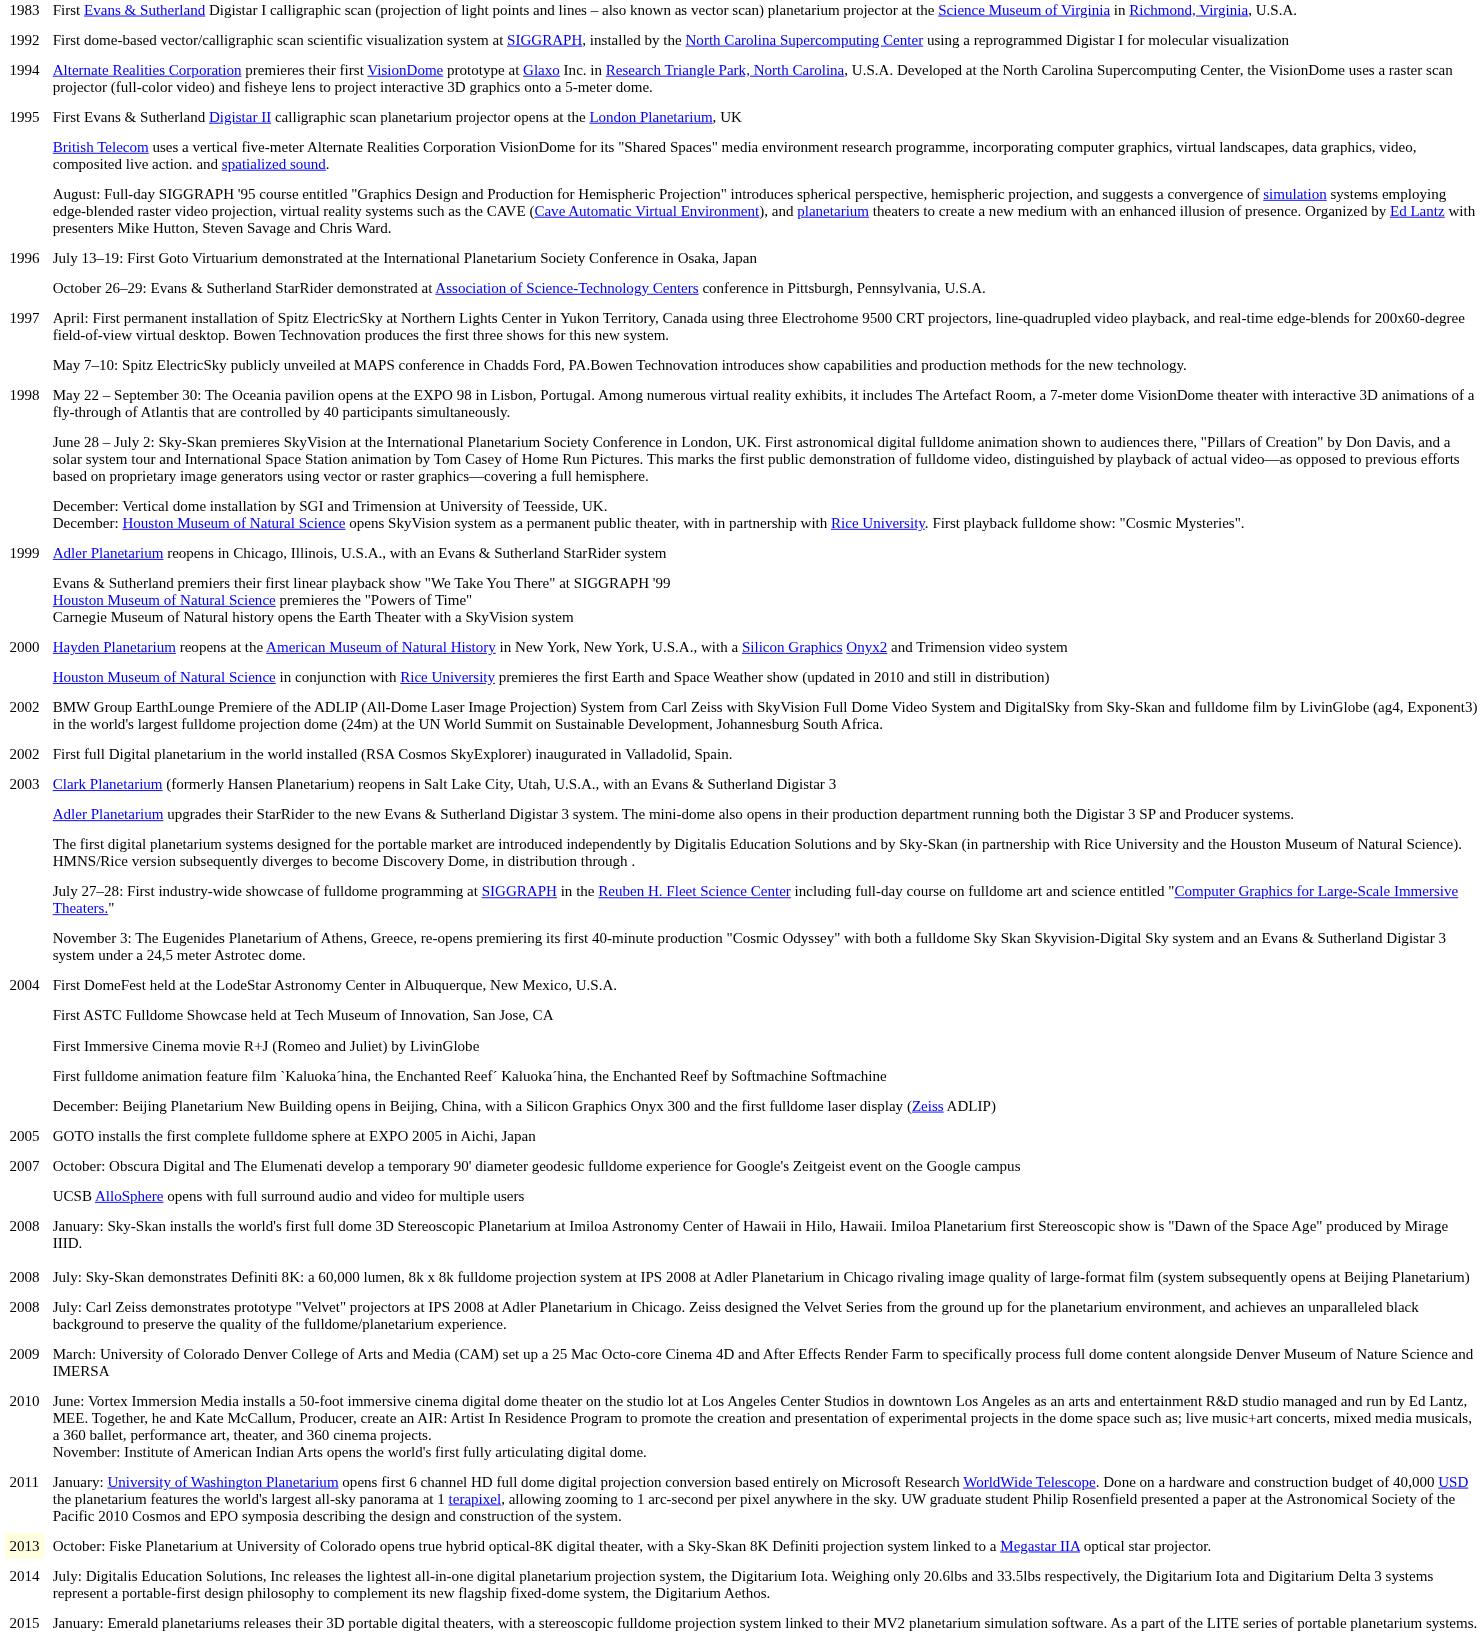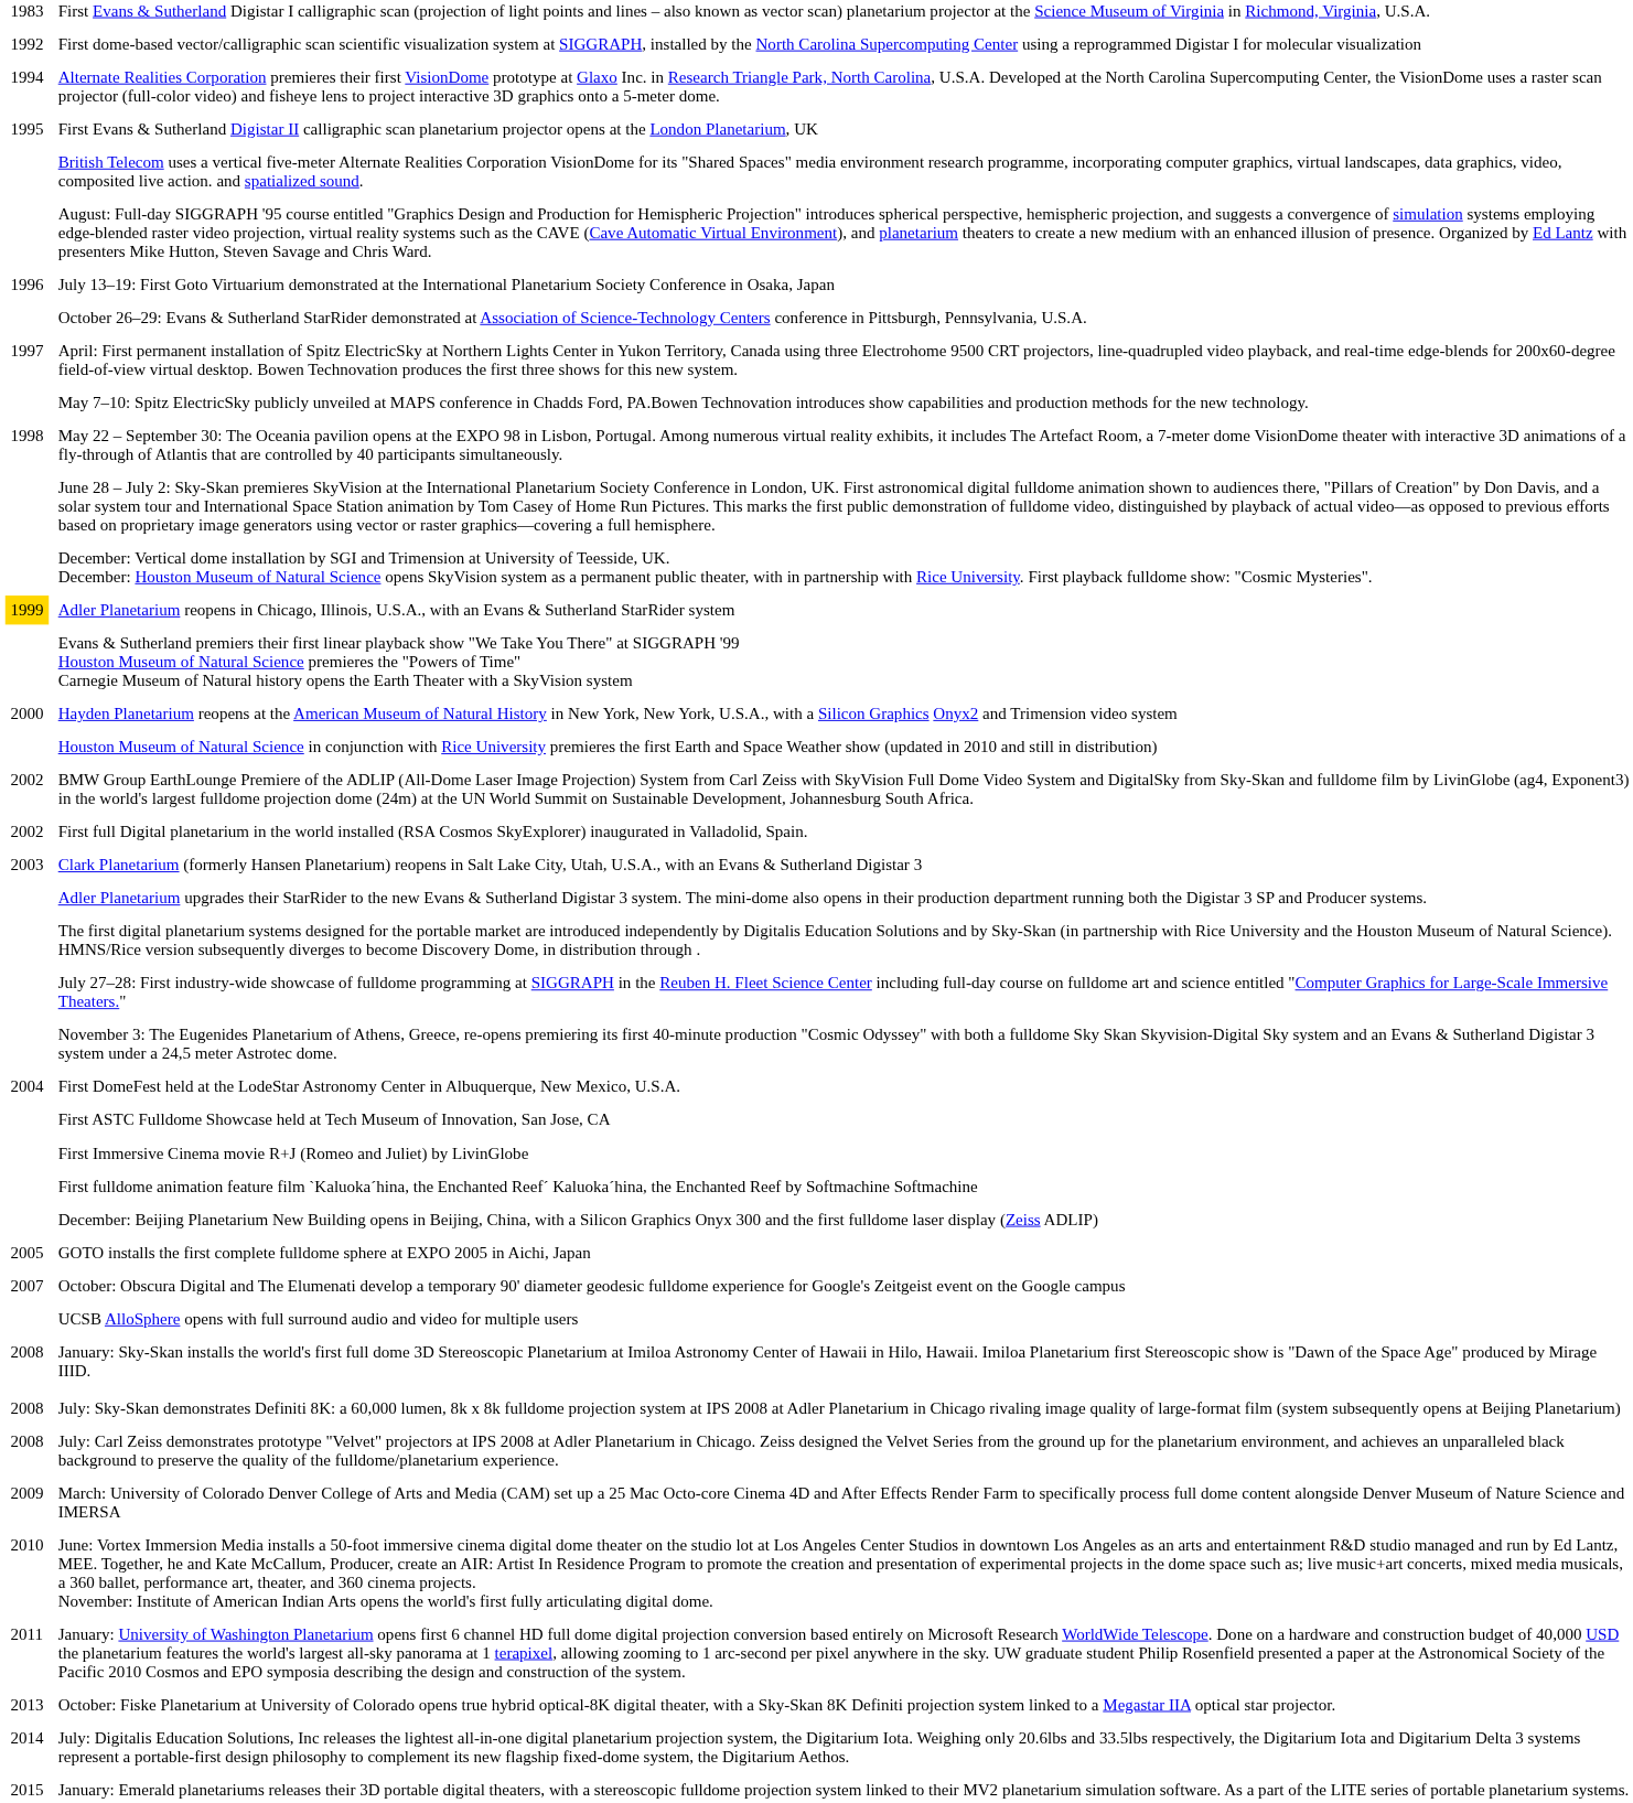 <table border="0" cellspacing="4" cellpadding="5">
 <tr valign="top">
 <td>1983</td>
 <td>First <a href='#'>Evans & Sutherland</a> Digistar I calligraphic scan (projection of light points and lines – also known as vector scan) planetarium projector at the <a href='#'>Science Museum of Virginia</a> in <a href='#'>Richmond, Virginia</a>, U.S.A.</td>
 </tr>
 <tr valign="top">
 <td>1992</td>
 <td>First dome-based vector/calligraphic scan scientific visualization system at <a href='#'>SIGGRAPH</a>, installed by the <a href='#'>North Carolina Supercomputing Center</a> using a reprogrammed Digistar I for molecular visualization</td>
 </tr>
 <tr valign="top">
 <td>1994</td>
 <td><a href='#'>Alternate Realities Corporation</a> premieres their first <a href='#'>VisionDome</a> prototype at <a href='#'>Glaxo</a> Inc. in <a href='#'>Research Triangle Park, North Carolina</a>, U.S.A. Developed at the North Carolina Supercomputing Center, the VisionDome uses a raster scan projector (full-color video) and fisheye lens to project interactive 3D graphics onto a 5-meter dome.</td>
 </tr>
 <tr valign="top">
 <td>1995</td>
 <td>First Evans & Sutherland <a href='#'>Digistar II</a> calligraphic scan planetarium projector opens at the <a href='#'>London Planetarium</a>, UK</td>
 </tr>
 <tr valign="top">
 <td></td>
 <td><a href='#'>British Telecom</a> uses a vertical five-meter Alternate Realities Corporation VisionDome for its "Shared Spaces" media environment research programme, incorporating computer graphics, virtual landscapes, data graphics, video, composited live action. and <a href='#'>spatialized sound</a>.</td>
 </tr>
 <tr valign="top">
 <td></td>
 <td>August: Full-day SIGGRAPH '95 course entitled "Graphics Design and Production for Hemispheric Projection" introduces spherical perspective, hemispheric projection, and suggests a convergence of <a href='#'>simulation</a> systems employing edge-blended raster video projection, virtual reality systems such as the CAVE (<a href='#'>Cave Automatic Virtual Environment</a>), and <a href='#'>planetarium</a> theaters to create a new medium with an enhanced illusion of presence. Organized by <a href='#'>Ed Lantz</a> with presenters Mike Hutton, Steven Savage and Chris Ward.</td>
 </tr>
 <tr valign="top">
 <td>1996</td>
 <td>July 13–19: First Goto Virtuarium demonstrated at the International Planetarium Society Conference in Osaka, Japan</td>
 </tr>
 <tr valign="top">
 <td></td>
 <td>October 26–29: Evans & Sutherland StarRider demonstrated at <a href='#'>Association of Science-Technology Centers</a> conference in Pittsburgh, Pennsylvania, U.S.A.</td>
 </tr>
 <tr valign="top">
 <td>1997</td>
 <td>April: First permanent installation of Spitz ElectricSky at Northern Lights Center in Yukon Territory, Canada using three Electrohome 9500 CRT projectors, line-quadrupled video playback, and real-time edge-blends for 200x60-degree field-of-view virtual desktop. Bowen Technovation produces the first three shows for this new system.</td>
 </tr>
 <tr valign="top">
 <td></td>
 <td>May 7–10: Spitz ElectricSky publicly unveiled at MAPS conference in Chadds Ford, PA.Bowen Technovation introduces show capabilities and production methods for the new technology.</td>
 </tr>
 <tr valign="top">
 <td>1998</td>
 <td>May 22 – September 30: The Oceania pavilion opens at the EXPO 98 in Lisbon, Portugal. Among numerous virtual reality exhibits, it includes The Artefact Room, a 7-meter dome VisionDome theater with interactive 3D animations of a fly-through of Atlantis that are controlled by 40 participants simultaneously.</td>
 </tr>
 <tr valign="top">
 <td></td>
 <td>June 28 – July 2: Sky-Skan premieres SkyVision at the International Planetarium Society Conference in London, UK. First astronomical digital fulldome animation shown to audiences there, "Pillars of Creation" by Don Davis, and a solar system tour and International Space Station animation by Tom Casey of Home Run Pictures. This marks the first public demonstration of fulldome video, distinguished by playback of actual video—as opposed to previous efforts based on proprietary image generators using vector or raster graphics—covering a full hemisphere.</td>
 </tr>
 <tr valign="top">
 <td></td>
 <td>December: Vertical dome installation by SGI and Trimension at University of Teesside, UK.<br>December: <a href='#'>Houston Museum of Natural Science</a> opens SkyVision system as a permanent public theater, with  in partnership with <a href='#'>Rice University</a>. First playback fulldome show: "Cosmic Mysteries".</td>
 </tr>
 <tr valign="top">
-<td>1999</td>
+<td style="background: gold;">1999</td>
 <td><a href='#'>Adler Planetarium</a> reopens in Chicago, Illinois, U.S.A., with an Evans & Sutherland StarRider system</td>
 </tr>
 <tr valign="top">
 <td></td>
 <td>Evans & Sutherland premiers their first linear playback show "We Take You There" at SIGGRAPH '99<br><a href='#'>Houston Museum of Natural Science</a> premieres the  "Powers of Time"<br>Carnegie Museum of Natural history opens the Earth Theater with a SkyVision system</td>
 </tr>
 <tr valign="top">
 <td>2000</td>
 <td><a href='#'>Hayden Planetarium</a> reopens at the <a href='#'>American Museum of Natural History</a> in New York, New York, U.S.A., with a <a href='#'>Silicon Graphics</a> <a href='#'>Onyx2</a> and Trimension video system</td>
 </tr>
 <tr valign="top">
 <td></td>
 <td><a href='#'>Houston Museum of Natural Science</a> in conjunction with <a href='#'>Rice University</a> premieres the first Earth and Space Weather show  (updated in 2010 and still in distribution)</td>
 </tr>
 <tr valign="top">
 <td>2002</td>
 <td>BMW Group EarthLounge Premiere of the ADLIP (All-Dome Laser Image Projection) System from Carl Zeiss with SkyVision Full Dome Video System and DigitalSky from Sky-Skan and fulldome film by LivinGlobe (ag4, Exponent3) in the world's largest fulldome projection dome (24m) at the UN World Summit on Sustainable Development, Johannesburg South Africa.</td>
 </tr>
 <tr valign="top">
 <td>2002</td>
 <td>First full Digital planetarium in the world installed (RSA Cosmos SkyExplorer) inaugurated in Valladolid, Spain.</td>
 </tr>
 <tr valign="top">
 <td>2003</td>
 <td><a href='#'>Clark Planetarium</a> (formerly Hansen Planetarium) reopens in Salt Lake City, Utah, U.S.A., with an Evans & Sutherland Digistar 3</td>
 </tr>
 <tr valign="top">
 <td></td>
 <td><a href='#'>Adler Planetarium</a> upgrades their StarRider to the new Evans & Sutherland Digistar 3 system. The mini-dome also opens in their production department running both the Digistar 3 SP and Producer systems.</td>
 </tr>
 <tr valign="top">
 <td></td>
 <td>The first digital planetarium systems designed for the portable market are introduced independently by Digitalis Education Solutions and by Sky-Skan (in partnership with Rice University and the Houston Museum of Natural Science). HMNS/Rice version subsequently diverges to become Discovery Dome, in distribution through .</td>
 </tr>
 <tr valign="top">
 <td></td>
 <td>July 27–28: First industry-wide showcase of fulldome programming at <a href='#'>SIGGRAPH</a> in the <a href='#'>Reuben H. Fleet Science Center</a> including full-day course on fulldome art and science entitled "<a href='#'>Computer Graphics for Large-Scale Immersive Theaters.</a>"</td>
 </tr>
 <tr valign="top">
 <td></td>
 <td>November 3: The Eugenides Planetarium of Athens, Greece, re-opens premiering its first 40-minute production "Cosmic Odyssey" with both a fulldome Sky Skan Skyvision-Digital Sky system and an Evans & Sutherland Digistar 3 system under a 24,5 meter Astrotec dome.</td>
 </tr>
 <tr valign="top">
 <td>2004</td>
 <td>First DomeFest held at the LodeStar Astronomy Center in Albuquerque, New Mexico, U.S.A.</td>
 </tr>
 <tr valign="top">
 <td></td>
 <td>First ASTC Fulldome Showcase held at Tech Museum of Innovation, San Jose, CA</td>
 </tr>
 <tr valign="top">
 <td></td>
 <td>First Immersive Cinema movie R+J (Romeo and Juliet) by LivinGlobe</td>
 </tr>
 <tr valign="top">
 <td></td>
 <td>First fulldome animation feature film `Kaluoka´hina, the Enchanted Reef´ Kaluoka´hina, the Enchanted Reef by Softmachine Softmachine</td>
 </tr>
 <tr valign="top">
 <td></td>
 <td>December: Beijing Planetarium New Building opens in Beijing, China, with a Silicon Graphics Onyx 300 and the first fulldome laser display (<a href='#'>Zeiss</a> ADLIP)</td>
 </tr>
 <tr valign="top">
 <td>2005</td>
 <td>GOTO installs the first complete fulldome sphere at EXPO 2005 in Aichi, Japan</td>
 </tr>
 <tr valign="top">
 <td>2007</td>
 <td>October: Obscura Digital and The Elumenati develop a temporary 90' diameter geodesic fulldome experience for Google's Zeitgeist event on the Google campus</td>
 </tr>
 <tr valign="top">
 <td></td>
 <td>UCSB <a href='#'>AlloSphere</a> opens with full surround audio and video for multiple users</td>
 </tr>
 <tr valign="top">
 <td>2008</td>
 <td>January: Sky-Skan installs the world's first full dome 3D Stereoscopic Planetarium at Imiloa Astronomy Center of Hawaii in Hilo, Hawaii. Imiloa Planetarium first Stereoscopic show is "Dawn of the Space Age" produced by Mirage IIID.</td>
 </tr>
 <tr valign="top">
 </tr>
 <tr valign="top">
 <td>2008</td>
 <td>July: Sky-Skan demonstrates Definiti 8K: a 60,000 lumen, 8k x 8k fulldome projection system at IPS 2008 at Adler Planetarium in Chicago rivaling image quality of large-format film (system subsequently opens at Beijing Planetarium)</td>
 </tr>
 <tr valign="top">
 <td>2008</td>
 <td>July: Carl Zeiss demonstrates prototype "Velvet" projectors at IPS 2008 at Adler Planetarium in Chicago. Zeiss designed the Velvet Series from the ground up for the planetarium environment, and achieves an unparalleled black background to preserve the quality of the fulldome/planetarium experience.</td>
 </tr>
 <tr valign="top">
 <td>2009</td>
 <td>March: University of Colorado Denver College of Arts and Media (CAM) set up a 25 Mac Octo-core Cinema 4D and After Effects Render Farm to specifically process full dome content alongside Denver Museum of Nature Science and IMERSA</td>
 </tr>
 <tr valign="top">
 <td>2010</td>
 <td>June: Vortex Immersion Media installs a 50-foot immersive cinema digital dome theater on the studio lot at Los Angeles Center Studios in downtown Los Angeles as an arts and entertainment R&D studio managed and run by Ed Lantz, MEE. Together, he and Kate McCallum, Producer, create an AIR: Artist In Residence Program to promote the creation and presentation of experimental projects in the dome space such as; live music+art concerts, mixed media musicals, a 360 ballet, performance art, theater, and 360 cinema projects.<br>November: Institute of American Indian Arts opens the world's first fully articulating digital dome.</td>
 </tr>
 <tr valign="top">
 <td>2011</td>
 <td>January: <a href='#'>University of Washington Planetarium</a> opens first 6 channel HD full dome digital projection conversion based entirely on Microsoft Research <a href='#'>WorldWide Telescope</a>. Done on a hardware and construction budget of 40,000 <a href='#'>USD</a> the planetarium features the world's largest all-sky panorama at 1 <a href='#'>terapixel</a>, allowing zooming to 1 arc-second per pixel anywhere in the sky. UW graduate student Philip Rosenfield presented a paper at the Astronomical Society of the Pacific 2010 Cosmos and EPO symposia describing the design and construction of the system.</td>
 </tr>
 <tr valign="top">
-<td style="background: lightyellow;">2013</td>
+<td>2013</td>
 <td>October: Fiske Planetarium at University of Colorado opens true hybrid optical-8K digital theater, with a Sky-Skan 8K Definiti projection system linked to a <a href='#'>Megastar IIA</a> optical star projector.</td>
 </tr>
 <tr valign="top">
 <td>2014</td>
 <td>July: Digitalis Education Solutions, Inc releases the lightest all-in-one digital planetarium projection system, the Digitarium Iota. Weighing only 20.6lbs and 33.5lbs respectively, the Digitarium Iota and Digitarium Delta 3 systems represent a portable-first design philosophy to complement its new flagship fixed-dome system, the Digitarium Aethos.</td>
 </tr>
 <tr valign="top">
 <td>2015</td>
 <td>January: Emerald planetariums releases their 3D portable digital theaters, with a stereoscopic fulldome projection system linked to their MV2 planetarium simulation software. As a part of the LITE series of portable planetarium systems.</td>
 </tr>
 </table>
